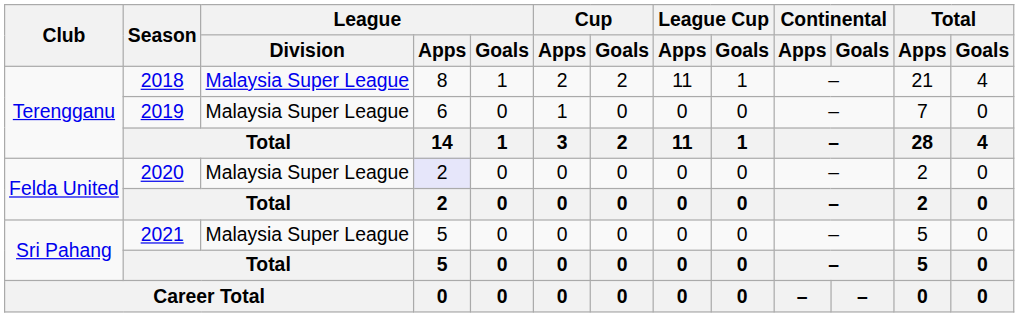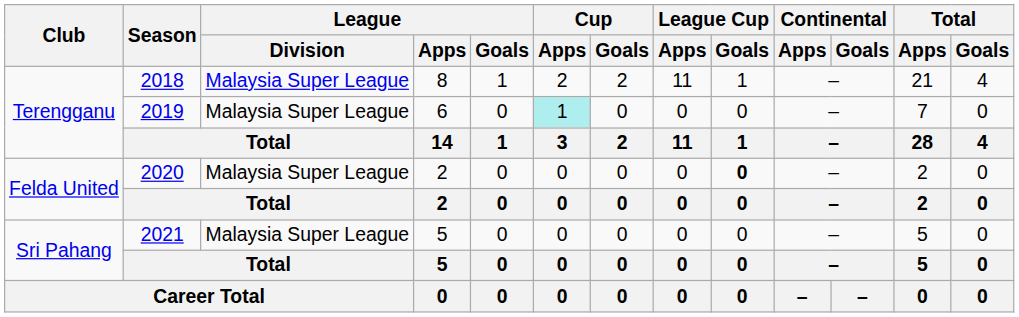 <table class=wikitable style="text-align:center">
 <tr>
 <th rowspan=2>Club</th>
 <th rowspan=2>Season</th>
 <th colspan=3>League</th>
 <th colspan=2>Cup</th>
 <th colspan=2>League Cup</th>
 <th colspan=2>Continental</th>
 <th colspan=2>Total</th>
 </tr>
 <tr>
 <th>Division</th>
 <th>Apps</th>
 <th>Goals</th>
 <th>Apps</th>
 <th>Goals</th>
 <th>Apps</th>
 <th>Goals</th>
 <th>Apps</th>
 <th>Goals</th>
 <th>Apps</th>
 <th>Goals</th>
 </tr>
 <tr>
 <td rowspan=3><a href='#'>Terengganu</a></td>
 <td><a href='#'>2018</a></td>
 <td><a href='#'>Malaysia Super League</a></td>
 <td>8</td>
 <td>1</td>
 <td>2</td>
 <td>2</td>
 <td>11</td>
 <td>1</td>
 <td colspan=2>–</td>
 <td>21</td>
 <td>4</td>
 </tr>
 <tr>
 <td><a href='#'>2019</a></td>
 <td>Malaysia Super League</td>
 <td>6</td>
 <td>0</td>
-<td>1</td>
+<td style="background: paleturquoise;">1</td>
 <td>0</td>
 <td>0</td>
 <td>0</td>
 <td colspan=2>–</td>
 <td>7</td>
 <td>0</td>
 </tr>
 <tr>
 <th colspan="2">Total</th>
 <th>14</th>
 <th>1</th>
 <th>3</th>
 <th>2</th>
 <th>11</th>
 <th>1</th>
 <th colspan=2>–</th>
 <th>28</th>
 <th>4</th>
 </tr>
 <tr>
 <td rowspan=2><a href='#'>Felda United</a></td>
 <td><a href='#'>2020</a></td>
 <td>Malaysia Super League</td>
-<td style="background: lavender;">2</td>
+<td>2</td>
 <td>0</td>
 <td>0</td>
 <td>0</td>
 <td>0</td>
-<td>0</td>
+<td><strong>0</strong></td>
 <td colspan=2>–</td>
 <td>2</td>
 <td>0</td>
 </tr>
 <tr>
 <th colspan="2">Total</th>
 <th>2</th>
 <th>0</th>
 <th>0</th>
 <th>0</th>
 <th>0</th>
 <th>0</th>
 <th colspan=2>–</th>
 <th>2</th>
 <th>0</th>
 </tr>
 <tr>
 <td rowspan=2><a href='#'>Sri Pahang</a></td>
 <td><a href='#'>2021</a></td>
 <td>Malaysia Super League</td>
 <td>5</td>
 <td>0</td>
 <td>0</td>
 <td>0</td>
 <td>0</td>
 <td>0</td>
 <td colspan=2>–</td>
 <td>5</td>
 <td>0</td>
 </tr>
 <tr>
 <th colspan="2">Total</th>
 <th>5</th>
 <th>0</th>
 <th>0</th>
 <th>0</th>
 <th>0</th>
 <th>0</th>
 <th colspan=2>–</th>
 <th>5</th>
 <th>0</th>
 </tr>
 <tr>
 <th colspan="3">Career Total</th>
 <th>0</th>
 <th>0</th>
 <th>0</th>
 <th>0</th>
 <th>0</th>
 <th>0</th>
 <th>–</th>
 <th>–</th>
 <th>0</th>
 <th>0</th>
 </tr>
 </table>
